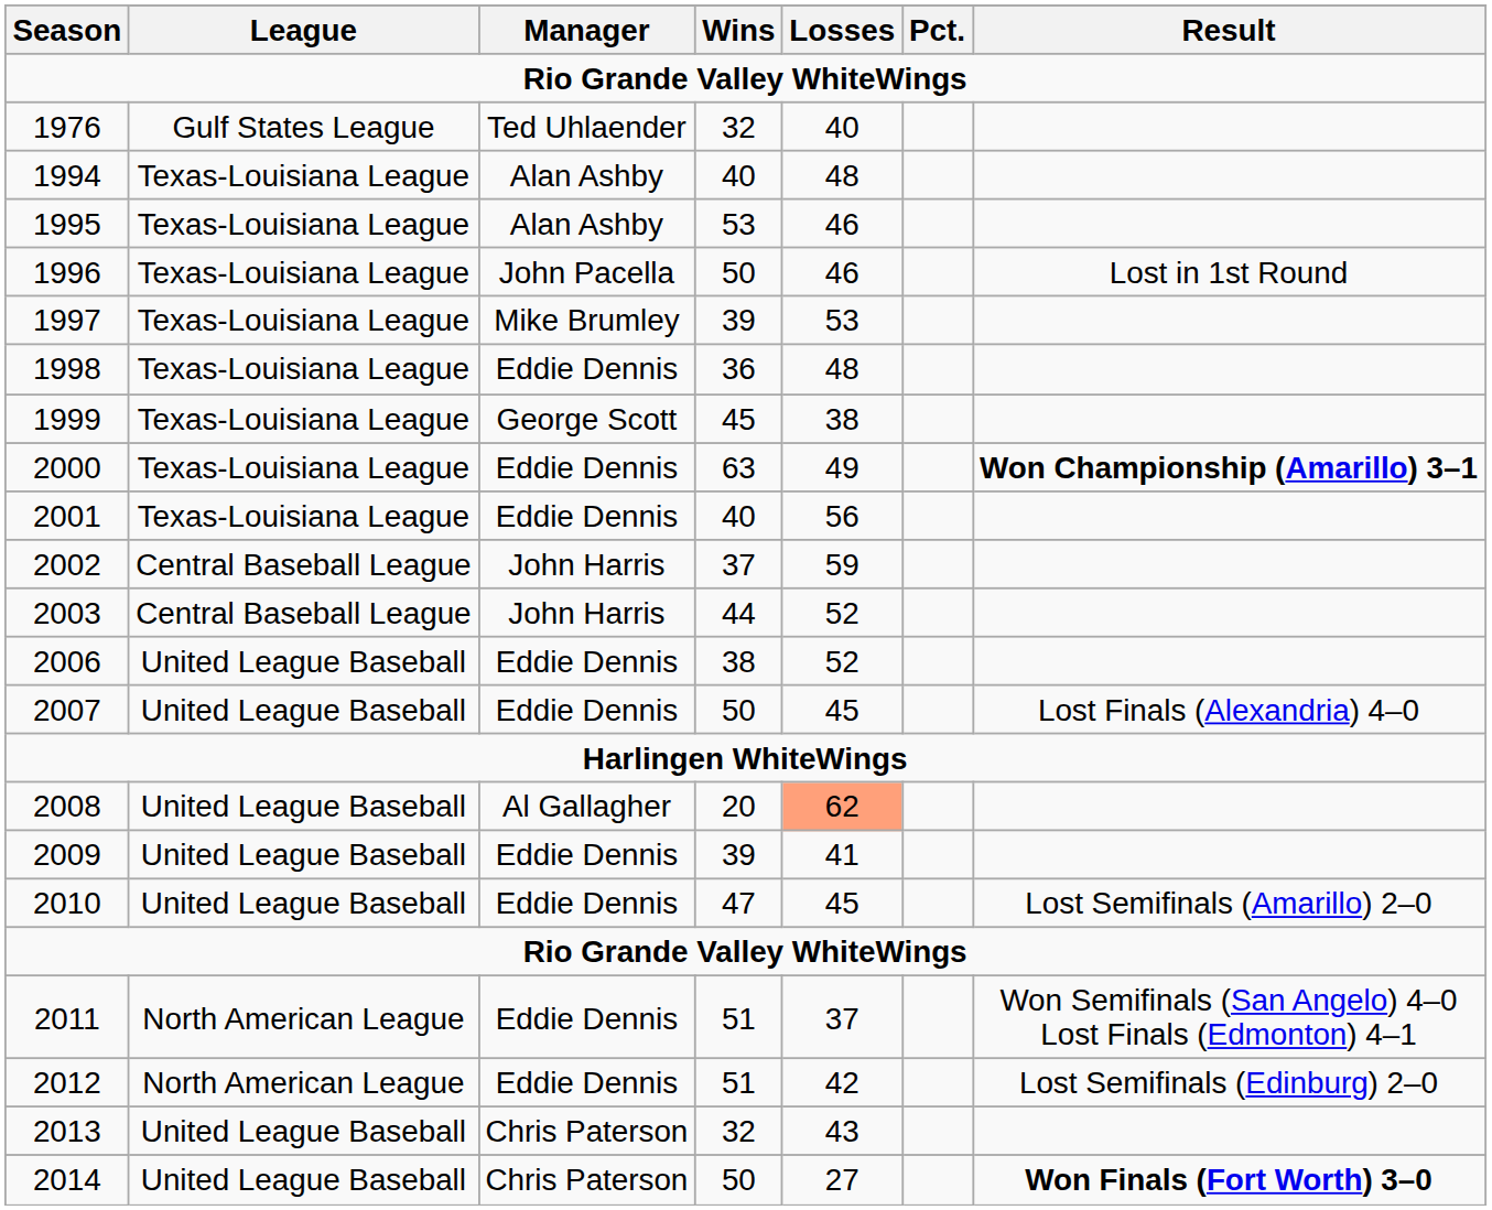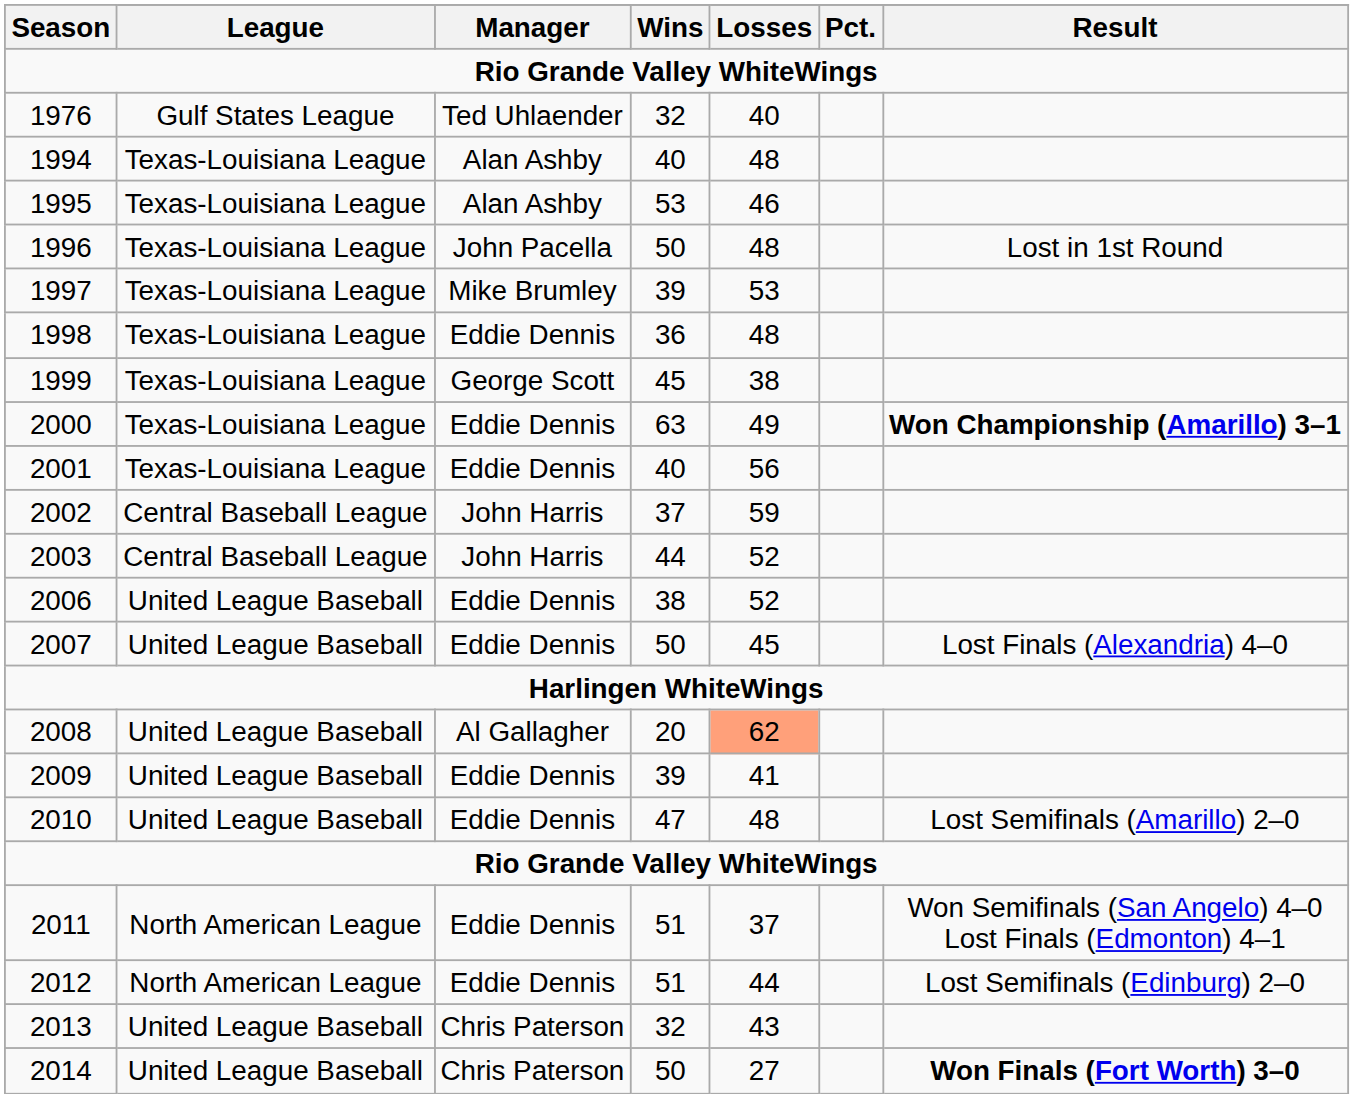 <table class="wikitable" style="font-size:95%; text-align:center">
 <tr>
 <th rowspan=2>Season</th>
 </tr>
 <tr>
 <th>League</th>
 <th>Manager</th>
 <th>Wins</th>
 <th>Losses</th>
 <th>Pct.</th>
 <th>Result</th>
 </tr>
 <tr>
 <td colspan=8><strong>Rio Grande Valley WhiteWings</strong></td>
 </tr>
 <tr>
 <td>1976</td>
 <td>Gulf States League</td>
 <td>Ted Uhlaender</td>
 <td>32</td>
 <td>40</td>
 <td></td>
 <td></td>
 </tr>
 <tr>
 <td>1994</td>
 <td>Texas-Louisiana League</td>
 <td>Alan Ashby</td>
 <td>40</td>
 <td>48</td>
 <td></td>
 <td></td>
 </tr>
 <tr>
 <td>1995</td>
 <td>Texas-Louisiana League</td>
 <td>Alan Ashby</td>
 <td>53</td>
 <td>46</td>
 <td></td>
 <td></td>
 </tr>
 <tr>
 <td>1996</td>
 <td>Texas-Louisiana League</td>
 <td>John Pacella</td>
 <td>50</td>
-<td>46</td>
+<td>48</td>
 <td></td>
 <td>Lost in 1st Round</td>
 </tr>
 <tr>
 <td>1997</td>
 <td>Texas-Louisiana League</td>
 <td>Mike Brumley</td>
 <td>39</td>
 <td>53</td>
 <td></td>
 <td></td>
 </tr>
 <tr>
 <td>1998</td>
 <td>Texas-Louisiana League</td>
 <td>Eddie Dennis</td>
 <td>36</td>
 <td>48</td>
 <td></td>
 <td></td>
 </tr>
 <tr>
 <td>1999</td>
 <td>Texas-Louisiana League</td>
 <td>George Scott</td>
 <td>45</td>
 <td>38</td>
 <td></td>
 <td></td>
 </tr>
 <tr>
 <td>2000</td>
 <td>Texas-Louisiana League</td>
 <td>Eddie Dennis</td>
 <td>63</td>
 <td>49</td>
 <td></td>
 <td><strong>Won Championship (<a href='#'>Amarillo</a>) 3–1</strong></td>
 </tr>
 <tr>
 <td>2001</td>
 <td>Texas-Louisiana League</td>
 <td>Eddie Dennis</td>
 <td>40</td>
 <td>56</td>
 <td></td>
 <td></td>
 </tr>
 <tr>
 <td>2002</td>
 <td>Central Baseball League</td>
 <td>John Harris</td>
 <td>37</td>
 <td>59</td>
 <td></td>
 <td></td>
 </tr>
 <tr>
 <td>2003</td>
 <td>Central Baseball League</td>
 <td>John Harris</td>
 <td>44</td>
 <td>52</td>
 <td></td>
 <td></td>
 </tr>
 <tr>
 <td>2006</td>
 <td>United League Baseball</td>
 <td>Eddie Dennis</td>
 <td>38</td>
 <td>52</td>
 <td></td>
 <td></td>
 </tr>
 <tr>
 <td>2007</td>
 <td>United League Baseball</td>
 <td>Eddie Dennis</td>
 <td>50</td>
 <td>45</td>
 <td></td>
 <td>Lost Finals (<a href='#'>Alexandria</a>) 4–0</td>
 </tr>
 <tr>
 <td colspan=8><strong>Harlingen WhiteWings</strong></td>
 </tr>
 <tr>
 <td>2008</td>
 <td>United League Baseball</td>
 <td>Al Gallagher</td>
 <td>20</td>
 <td style="background: lightsalmon;">62</td>
 <td></td>
 <td></td>
 </tr>
 <tr>
 <td>2009</td>
 <td>United League Baseball</td>
 <td>Eddie Dennis</td>
 <td>39</td>
 <td>41</td>
 <td></td>
 <td></td>
 </tr>
 <tr>
 <td>2010</td>
 <td>United League Baseball</td>
 <td>Eddie Dennis</td>
 <td>47</td>
-<td>45</td>
+<td>48</td>
 <td></td>
 <td>Lost Semifinals (<a href='#'>Amarillo</a>) 2–0</td>
 </tr>
 <tr>
 <td colspan=8><strong>Rio Grande Valley WhiteWings</strong></td>
 </tr>
 <tr>
 <td>2011</td>
 <td>North American League</td>
 <td>Eddie Dennis</td>
 <td>51</td>
 <td>37</td>
 <td></td>
 <td>Won Semifinals (<a href='#'>San Angelo</a>) 4–0<br>Lost Finals (<a href='#'>Edmonton</a>) 4–1</td>
 </tr>
 <tr>
 <td>2012</td>
 <td>North American League</td>
 <td>Eddie Dennis</td>
 <td>51</td>
-<td>42</td>
+<td>44</td>
 <td></td>
 <td>Lost Semifinals (<a href='#'>Edinburg</a>) 2–0</td>
 </tr>
 <tr>
 <td>2013</td>
 <td>United League Baseball</td>
 <td>Chris Paterson</td>
 <td>32</td>
 <td>43</td>
 <td></td>
 <td></td>
 </tr>
 <tr>
 <td>2014</td>
 <td>United League Baseball</td>
 <td>Chris Paterson</td>
 <td>50</td>
 <td>27</td>
 <td></td>
 <td><strong>Won Finals (<a href='#'>Fort Worth</a>) 3–0</strong></td>
 </tr>
 </table>
